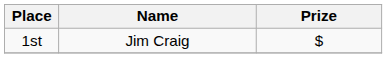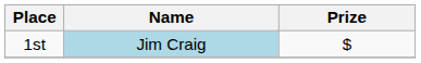 <table class="wikitable">
 <tr>
 <th width="50">Place</th>
 <th width="200">Name</th>
 <th width="125">Prize</th>
 </tr>
 <tr>
 <td align = "center">1st</td>
-<td align = "center">Jim Craig</td>
+<td align = "center" style="background: lightblue;">Jim Craig</td>
 <td align = "center">$</td>
 </tr>
 <tr>
 </tr>
 </table>
